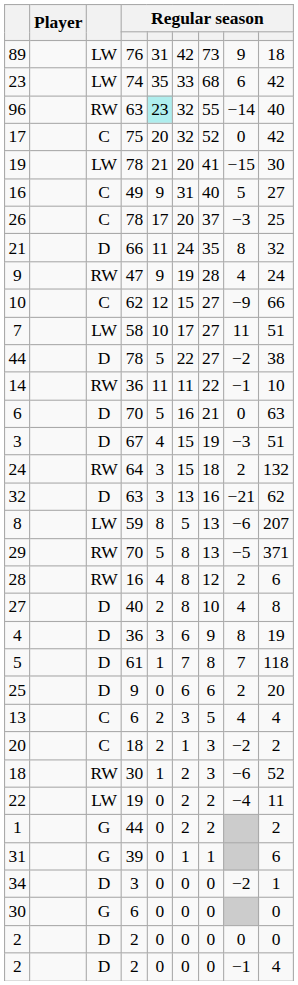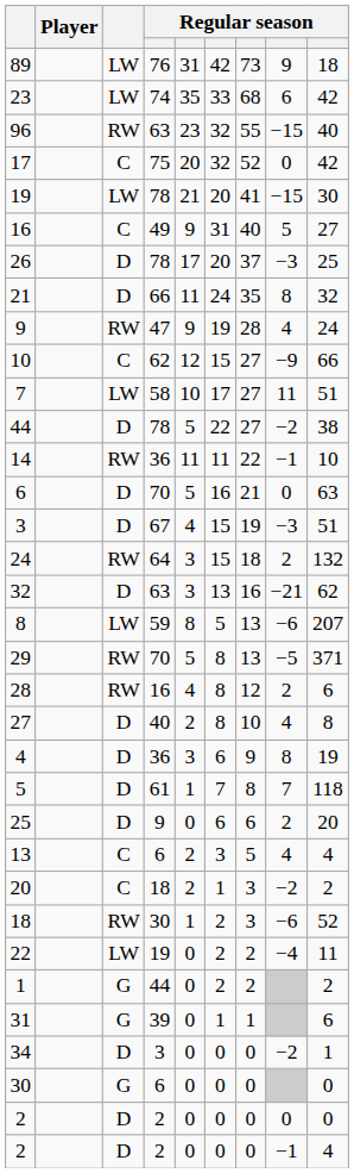 <table class="wikitable sortable plainrowheaders" style="text-align:center;">
 <tr>
 <th scope="col" data-sort-type="number" rowspan="2"></th>
 <th scope="col" rowspan="2">Player</th>
 <th scope="col" rowspan="2"></th>
 <th scope=colgroup colspan=6>Regular season</th>
 </tr>
 <tr>
 <th scope="col" data-sort-type="number"></th>
 <th scope="col" data-sort-type="number"></th>
 <th scope="col" data-sort-type="number"></th>
 <th scope="col" data-sort-type="number"></th>
 <th scope="col" data-sort-type="number"></th>
 <th scope="col" data-sort-type="number"></th>
 </tr>
 <tr>
 <td scope="row">89</td>
 <td align="left"></td>
 <td>LW</td>
 <td>76</td>
 <td>31</td>
 <td>42</td>
 <td>73</td>
 <td>9</td>
 <td>18</td>
 </tr>
 <tr>
 <td scope="row">23</td>
 <td align="left"></td>
 <td>LW</td>
 <td>74</td>
 <td>35</td>
 <td>33</td>
 <td>68</td>
 <td>6</td>
 <td>42</td>
 </tr>
 <tr>
 <td scope="row">96</td>
 <td align="left"></td>
 <td>RW</td>
 <td>63</td>
-<td style="background: paleturquoise;">23</td>
+<td>23</td>
 <td>32</td>
 <td>55</td>
-<td>−14</td>
+<td>−15</td>
 <td>40</td>
 </tr>
 <tr>
 <td scope="row">17</td>
 <td align="left"></td>
 <td>C</td>
 <td>75</td>
 <td>20</td>
 <td>32</td>
 <td>52</td>
 <td>0</td>
 <td>42</td>
 </tr>
 <tr>
 <td scope="row">19</td>
 <td align="left"></td>
 <td>LW</td>
 <td>78</td>
 <td>21</td>
 <td>20</td>
 <td>41</td>
 <td>−15</td>
 <td>30</td>
 </tr>
 <tr>
 <td scope="row">16</td>
 <td align="left"></td>
 <td>C</td>
 <td>49</td>
 <td>9</td>
 <td>31</td>
 <td>40</td>
 <td>5</td>
 <td>27</td>
 </tr>
 <tr>
 <td scope="row">26</td>
 <td align="left"></td>
-<td>C</td>
+<td>D</td>
 <td>78</td>
 <td>17</td>
 <td>20</td>
 <td>37</td>
 <td>−3</td>
 <td>25</td>
 </tr>
 <tr>
 <td scope="row">21</td>
 <td align="left"></td>
 <td>D</td>
 <td>66</td>
 <td>11</td>
 <td>24</td>
 <td>35</td>
 <td>8</td>
 <td>32</td>
 </tr>
 <tr>
 <td scope="row">9</td>
 <td align="left"></td>
 <td>RW</td>
 <td>47</td>
 <td>9</td>
 <td>19</td>
 <td>28</td>
 <td>4</td>
 <td>24</td>
 </tr>
 <tr>
 <td scope="row">10</td>
 <td align="left"></td>
 <td>C</td>
 <td>62</td>
 <td>12</td>
 <td>15</td>
 <td>27</td>
 <td>−9</td>
 <td>66</td>
 </tr>
 <tr>
 <td scope="row">7</td>
 <td align="left"></td>
 <td>LW</td>
 <td>58</td>
 <td>10</td>
 <td>17</td>
 <td>27</td>
 <td>11</td>
 <td>51</td>
 </tr>
 <tr>
 <td scope="row">44</td>
 <td align="left"></td>
 <td>D</td>
 <td>78</td>
 <td>5</td>
 <td>22</td>
 <td>27</td>
 <td>−2</td>
 <td>38</td>
 </tr>
 <tr>
 <td scope="row">14</td>
 <td align="left"></td>
 <td>RW</td>
 <td>36</td>
 <td>11</td>
 <td>11</td>
 <td>22</td>
 <td>−1</td>
 <td>10</td>
 </tr>
 <tr>
 <td scope="row">6</td>
 <td align="left"></td>
 <td>D</td>
 <td>70</td>
 <td>5</td>
 <td>16</td>
 <td>21</td>
 <td>0</td>
 <td>63</td>
 </tr>
 <tr>
 <td scope="row">3</td>
 <td align="left"></td>
 <td>D</td>
 <td>67</td>
 <td>4</td>
 <td>15</td>
 <td>19</td>
 <td>−3</td>
 <td>51</td>
 </tr>
 <tr>
 <td scope="row">24</td>
 <td align="left"></td>
 <td>RW</td>
 <td>64</td>
 <td>3</td>
 <td>15</td>
 <td>18</td>
 <td>2</td>
 <td>132</td>
 </tr>
 <tr>
 <td scope="row">32</td>
 <td align="left"></td>
 <td>D</td>
 <td>63</td>
 <td>3</td>
 <td>13</td>
 <td>16</td>
 <td>−21</td>
 <td>62</td>
 </tr>
 <tr>
 <td scope="row">8</td>
 <td align="left"></td>
 <td>LW</td>
 <td>59</td>
 <td>8</td>
 <td>5</td>
 <td>13</td>
 <td>−6</td>
 <td>207</td>
 </tr>
 <tr>
 <td scope="row">29</td>
 <td align="left"></td>
 <td>RW</td>
 <td>70</td>
 <td>5</td>
 <td>8</td>
 <td>13</td>
 <td>−5</td>
 <td>371</td>
 </tr>
 <tr>
 <td scope="row">28</td>
 <td align="left"></td>
 <td>RW</td>
 <td>16</td>
 <td>4</td>
 <td>8</td>
 <td>12</td>
 <td>2</td>
 <td>6</td>
 </tr>
 <tr>
 <td scope="row">27</td>
 <td align="left"></td>
 <td>D</td>
 <td>40</td>
 <td>2</td>
 <td>8</td>
 <td>10</td>
 <td>4</td>
 <td>8</td>
 </tr>
 <tr>
 <td scope="row">4</td>
 <td align="left"></td>
 <td>D</td>
 <td>36</td>
 <td>3</td>
 <td>6</td>
 <td>9</td>
 <td>8</td>
 <td>19</td>
 </tr>
 <tr>
 <td scope="row">5</td>
 <td align="left"></td>
 <td>D</td>
 <td>61</td>
 <td>1</td>
 <td>7</td>
 <td>8</td>
 <td>7</td>
 <td>118</td>
 </tr>
 <tr>
 <td scope="row">25</td>
 <td align="left"></td>
 <td>D</td>
 <td>9</td>
 <td>0</td>
 <td>6</td>
 <td>6</td>
 <td>2</td>
 <td>20</td>
 </tr>
 <tr>
 <td scope="row">13</td>
 <td align="left"></td>
 <td>C</td>
 <td>6</td>
 <td>2</td>
 <td>3</td>
 <td>5</td>
 <td>4</td>
 <td>4</td>
 </tr>
 <tr>
 <td scope="row">20</td>
 <td align="left"></td>
 <td>C</td>
 <td>18</td>
 <td>2</td>
 <td>1</td>
 <td>3</td>
 <td>−2</td>
 <td>2</td>
 </tr>
 <tr>
 <td scope="row">18</td>
 <td align="left"></td>
 <td>RW</td>
 <td>30</td>
 <td>1</td>
 <td>2</td>
 <td>3</td>
 <td>−6</td>
 <td>52</td>
 </tr>
 <tr>
 <td scope="row">22</td>
 <td align="left"></td>
 <td>LW</td>
 <td>19</td>
 <td>0</td>
 <td>2</td>
 <td>2</td>
 <td>−4</td>
 <td>11</td>
 </tr>
 <tr>
 <td scope="row">1</td>
 <td align="left"></td>
 <td>G</td>
 <td>44</td>
 <td>0</td>
 <td>2</td>
 <td>2</td>
 <td style="background:#ccc"></td>
 <td>2</td>
 </tr>
 <tr>
 <td scope="row">31</td>
 <td align="left"></td>
 <td>G</td>
 <td>39</td>
 <td>0</td>
 <td>1</td>
 <td>1</td>
 <td style="background:#ccc"></td>
 <td>6</td>
 </tr>
 <tr>
 <td scope="row">34</td>
 <td align="left"></td>
 <td>D</td>
 <td>3</td>
 <td>0</td>
 <td>0</td>
 <td>0</td>
 <td>−2</td>
 <td>1</td>
 </tr>
 <tr>
 <td scope="row">30</td>
 <td align="left"></td>
 <td>G</td>
 <td>6</td>
 <td>0</td>
 <td>0</td>
 <td>0</td>
 <td style="background:#ccc"></td>
 <td>0</td>
 </tr>
 <tr>
 <td scope="row">2</td>
 <td align="left"></td>
 <td>D</td>
 <td>2</td>
 <td>0</td>
 <td>0</td>
 <td>0</td>
 <td>0</td>
 <td>0</td>
 </tr>
 <tr>
 <td scope="row">2</td>
 <td align="left"></td>
 <td>D</td>
 <td>2</td>
 <td>0</td>
 <td>0</td>
 <td>0</td>
 <td>−1</td>
 <td>4</td>
 </tr>
 </table>
